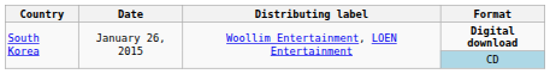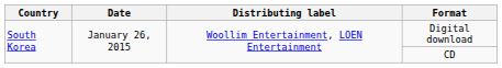 <table class="wikitable" style="width:670px;">
 <tr>
 <th>Country</th>
 <th>Date</th>
 <th>Distributing label</th>
 <th>Format</th>
 </tr>
 <tr>
 <td rowspan="2"><a href='#'>South Korea</a></td>
 <td rowspan="2" style="text-align:center;">January 26, 2015</td>
 <td rowspan="2" style="text-align:center;"><a href='#'>Woollim Entertainment</a>, <a href='#'>LOEN Entertainment</a></td>
-<td style="text-align:center;"><strong>Digital download</strong></td>
+<td style="text-align:center;">Digital download</td>
 </tr>
 <tr>
-<td style="background: lightblue; text-align:center;">CD</td>
+<td style="text-align:center;">CD</td>
 </tr>
 </table>
